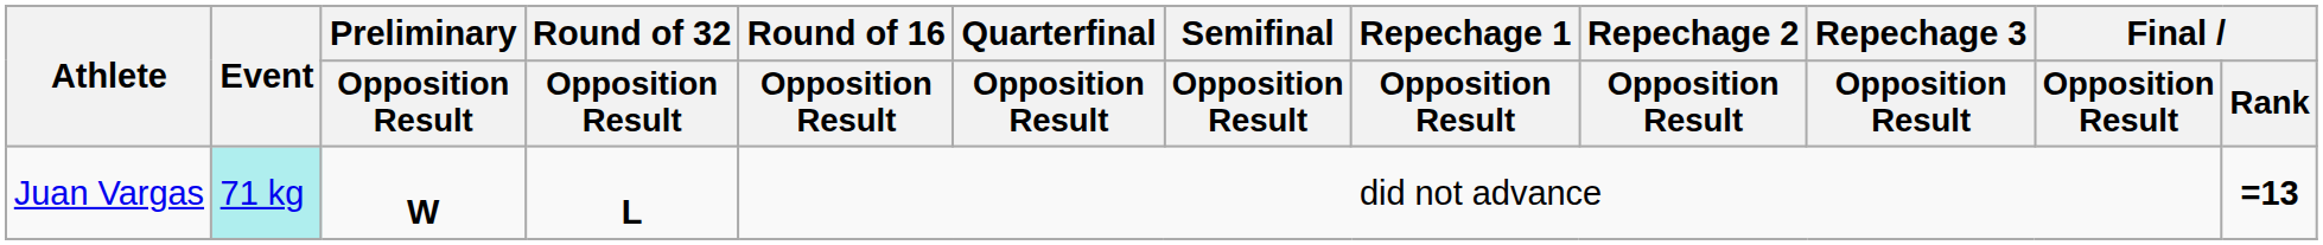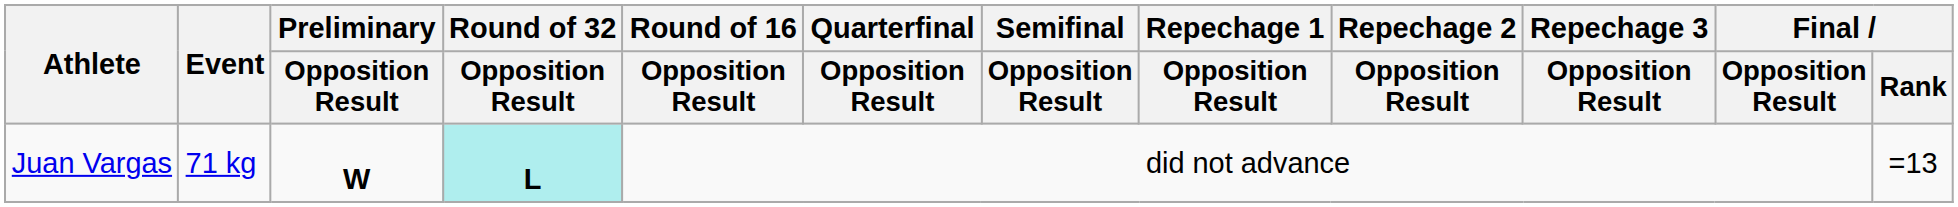 <table class="wikitable" style="font-size:90%">
 <tr>
 <th rowspan="2">Athlete</th>
 <th rowspan="2">Event</th>
 <th>Preliminary</th>
 <th>Round of 32</th>
 <th>Round of 16</th>
 <th>Quarterfinal</th>
 <th>Semifinal</th>
 <th>Repechage 1</th>
 <th>Repechage 2</th>
 <th>Repechage 3</th>
 <th colspan=2>Final / </th>
 </tr>
 <tr style="font-size:95%">
 <th>Opposition<br>Result</th>
 <th>Opposition<br>Result</th>
 <th>Opposition<br>Result</th>
 <th>Opposition<br>Result</th>
 <th>Opposition<br>Result</th>
 <th>Opposition<br>Result</th>
 <th>Opposition<br>Result</th>
 <th>Opposition<br>Result</th>
 <th>Opposition<br>Result</th>
 <th>Rank</th>
 </tr>
 <tr align=center>
 <td align=left><a href='#'>Juan Vargas</a></td>
-<td align=left style="background: paleturquoise;"><a href='#'>71 kg</a></td>
+<td align=left><a href='#'>71 kg</a></td>
 <td><br><strong>W</strong></td>
-<td><br><strong>L</strong></td>
+<td style="background: paleturquoise;"><br><strong>L</strong></td>
 <td colspan=7>did not advance</td>
-<td><strong>=13</strong></td>
+<td>=13</td>
 </tr>
 </table>
